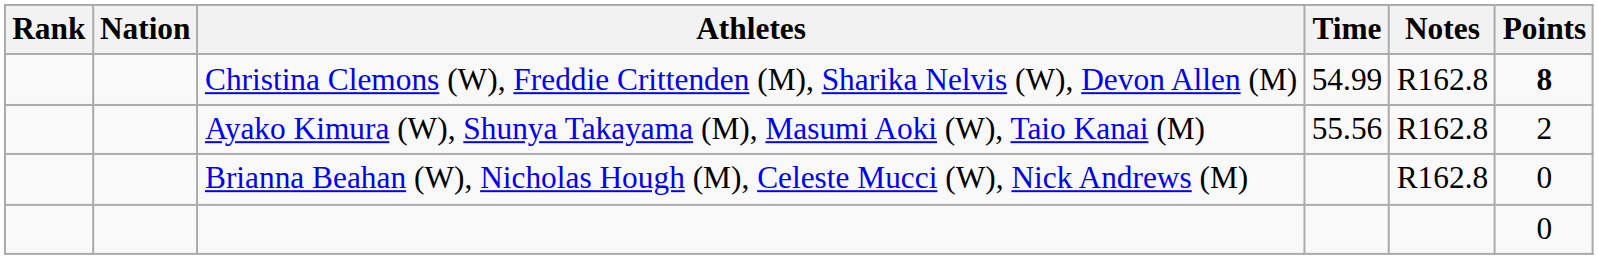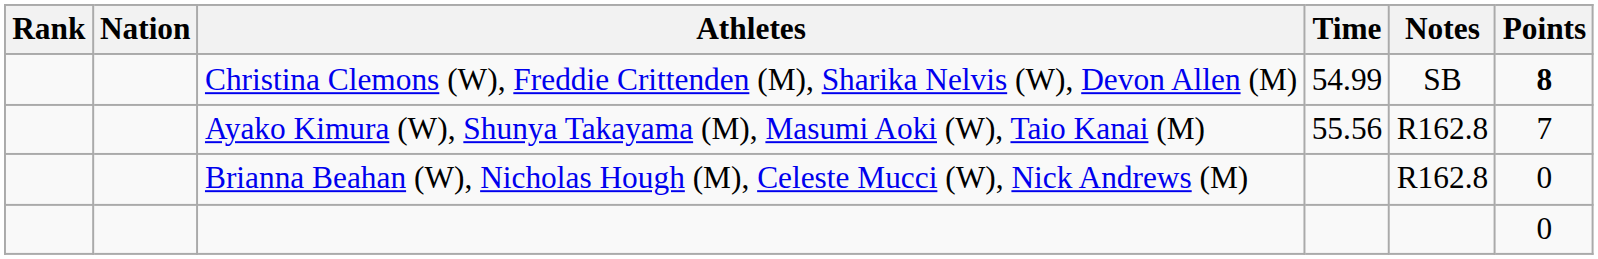 <table class="wikitable sortable" style="text-align:center">
 <tr>
 <th>Rank</th>
 <th>Nation</th>
 <th>Athletes</th>
 <th>Time</th>
 <th>Notes</th>
 <th>Points</th>
 </tr>
 <tr>
 <td></td>
 <td align=left></td>
 <td align=left><a href='#'>Christina Clemons</a> (W), <a href='#'>Freddie Crittenden</a> (M), <a href='#'>Sharika Nelvis</a> (W), <a href='#'>Devon Allen</a> (M)</td>
 <td>54.99</td>
-<td>R162.8</td>
+<td>SB</td>
 <td><strong>8</strong></td>
 </tr>
 <tr>
 <td></td>
 <td align=left></td>
 <td align=left><a href='#'>Ayako Kimura</a> (W), <a href='#'>Shunya Takayama</a> (M), <a href='#'>Masumi Aoki</a> (W), <a href='#'>Taio Kanai</a> (M)</td>
 <td>55.56</td>
 <td>R162.8</td>
-<td>2</td>
+<td>7</td>
 </tr>
 <tr>
 <td></td>
 <td align=left></td>
 <td align=left><a href='#'>Brianna Beahan</a> (W), <a href='#'>Nicholas Hough</a> (M), <a href='#'>Celeste Mucci</a> (W), <a href='#'>Nick Andrews</a> (M)</td>
 <td></td>
 <td>R162.8</td>
 <td>0</td>
 </tr>
 <tr>
 <td></td>
 <td align=left></td>
 <td align=left></td>
 <td></td>
 <td></td>
 <td>0</td>
 </tr>
 </table>
